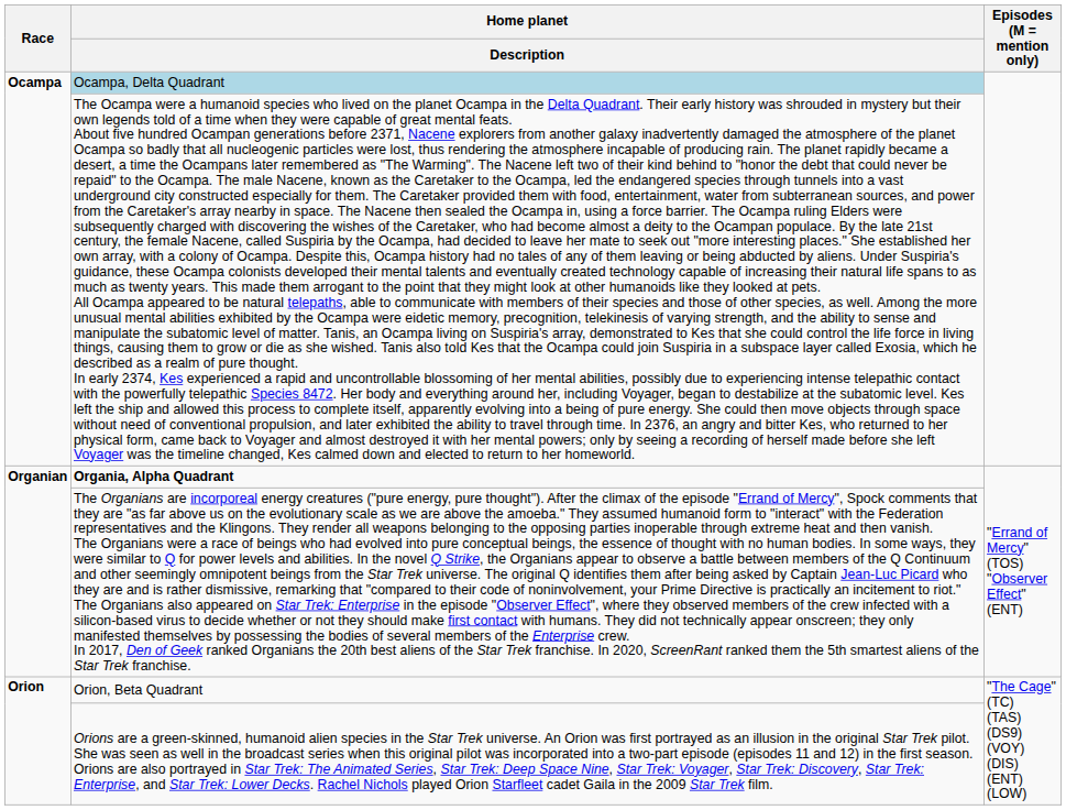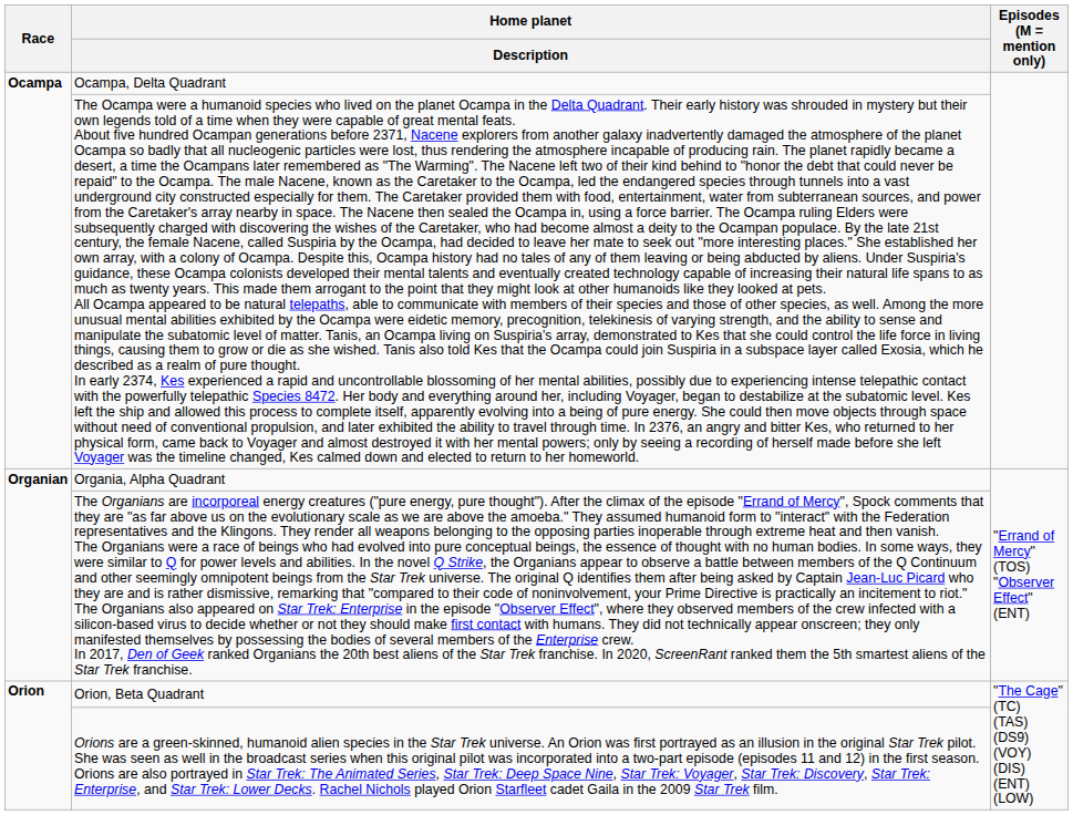 <table class="wikitable">
 <tr>
 <th rowspan="2">Race</th>
 <th>Home planet</th>
 <th rowspan="2">Episodes (M = mention only)</th>
 </tr>
 <tr>
 <th>Description</th>
 </tr>
 <tr>
 <td rowspan="2" style="vertical-align: top;"><strong>Ocampa</strong> </td>
-<td style="background: lightblue;">Ocampa, Delta Quadrant</td>
+<td>Ocampa, Delta Quadrant</td>
 <td rowspan="2"></td>
 </tr>
 <tr>
 <td>The Ocampa were a humanoid species who lived on the planet Ocampa in the <a href='#'>Delta Quadrant</a>. Their early history was shrouded in mystery but their own legends told of a time when they were capable of great mental feats.<br>About five hundred Ocampan generations before 2371, <a href='#'>Nacene</a> explorers from another galaxy inadvertently damaged the atmosphere of the planet Ocampa so badly that all nucleogenic particles were lost, thus rendering the atmosphere incapable of producing rain. The planet rapidly became a desert, a time the Ocampans later remembered as "The Warming". The Nacene left two of their kind behind to "honor the debt that could never be repaid" to the Ocampa. The male Nacene, known as the Caretaker to the Ocampa, led the endangered species through tunnels into a vast underground city constructed especially for them. The Caretaker provided them with food, entertainment, water from subterranean sources, and power from the Caretaker's array nearby in space. The Nacene then sealed the Ocampa in, using a force barrier. The Ocampa ruling Elders were subsequently charged with discovering the wishes of the Caretaker, who had become almost a deity to the Ocampan populace. By the late 21st century, the female Nacene, called Suspiria by the Ocampa, had decided to leave her mate to seek out "more interesting places." She established her own array, with a colony of Ocampa. Despite this, Ocampa history had no tales of any of them leaving or being abducted by aliens. Under Suspiria's guidance, these Ocampa colonists developed their mental talents and eventually created technology capable of increasing their natural life spans to as much as twenty years. This made them arrogant to the point that they might look at other humanoids like they looked at pets.<br>All Ocampa appeared to be natural <a href='#'>telepaths</a>, able to communicate with members of their species and those of other species, as well. Among the more unusual mental abilities exhibited by the Ocampa were eidetic memory, precognition, telekinesis of varying strength, and the ability to sense and manipulate the subatomic level of matter. Tanis, an Ocampa living on Suspiria's array, demonstrated to Kes that she could control the life force in living things, causing them to grow or die as she wished. Tanis also told Kes that the Ocampa could join Suspiria in a subspace layer called Exosia, which he described as a realm of pure thought.<br>In early 2374, <a href='#'>Kes</a> experienced a rapid and uncontrollable blossoming of her mental abilities, possibly due to experiencing intense telepathic contact with the powerfully telepathic <a href='#'>Species 8472</a>. Her body and everything around her, including Voyager, began to destabilize at the subatomic level. Kes left the ship and allowed this process to complete itself, apparently evolving into a being of pure energy. She could then move objects through space without need of conventional propulsion, and later exhibited the ability to travel through time. In 2376, an angry and bitter Kes, who returned to her physical form, came back to Voyager and almost destroyed it with her mental powers; only by seeing a recording of herself made before she left <a href='#'>Voyager</a> was the timeline changed, Kes calmed down and elected to return to her homeworld.</td>
 </tr>
 <tr>
 <td rowspan="2" style="vertical-align: top;"><strong>Organian</strong> </td>
-<td><strong>Organia, Alpha Quadrant</strong></td>
+<td>Organia, Alpha Quadrant</td>
 <td rowspan="2">"<a href='#'>Errand of Mercy</a>" (TOS)<br>"<a href='#'>Observer Effect</a>" (ENT)</td>
 </tr>
 <tr>
 <td>The <em>Organians</em> are <a href='#'>incorporeal</a> energy creatures ("pure energy, pure thought"). After the climax of the episode "<a href='#'>Errand of Mercy</a>", Spock comments that they are "as far above us on the evolutionary scale as we are above the amoeba."  They assumed humanoid form to "interact" with the Federation representatives and the Klingons. They render all weapons belonging to the opposing parties inoperable through extreme heat and then vanish.<br>The Organians were a race of beings who had evolved into pure conceptual beings, the essence of thought with no human bodies. In some ways, they were similar to <a href='#'>Q</a> for power levels and abilities. In the novel <em><a href='#'>Q Strike</a></em>, the Organians appear to observe a battle between members of the Q Continuum and other seemingly omnipotent beings from the <em>Star Trek</em> universe. The original Q identifies them after being asked by Captain <a href='#'>Jean-Luc Picard</a> who they are and is rather dismissive, remarking that "compared to their code of noninvolvement, your Prime Directive is practically an incitement to riot."<br>The Organians also appeared on <em><a href='#'>Star Trek: Enterprise</a></em> in the episode "<a href='#'>Observer Effect</a>", where they observed members of the crew infected with a silicon-based virus to decide whether or not they should make <a href='#'>first contact</a> with humans. They did not technically appear onscreen; they only manifested themselves by possessing the bodies of several members of the <em><a href='#'>Enterprise</a></em> crew.<br>In 2017, <em><a href='#'>Den of Geek</a></em> ranked Organians the 20th best aliens of the <em>Star Trek</em> franchise. In 2020, <em>ScreenRant</em> ranked them the 5th smartest aliens of the <em>Star Trek</em> franchise.</td>
 </tr>
 <tr>
 <td rowspan="2" style="vertical-align: top;"><strong>Orion</strong> </td>
 <td>Orion, Beta Quadrant</td>
 <td rowspan="2">"<a href='#'>The Cage</a>"(TC)<br>(TAS)<br>(DS9)<br>(VOY)<br>(DIS)<br>(ENT)<br>(LOW)</td>
 </tr>
 <tr>
 <td><br><em>Orions</em> are a green-skinned, humanoid alien species in the <em>Star Trek</em> universe.  An Orion was first portrayed as an illusion in the original <em>Star Trek</em> pilot. She was seen as well in the broadcast series when this original pilot was incorporated into a two-part episode (episodes 11 and 12) in the first season.  Orions are also portrayed in <em><a href='#'>Star Trek: The Animated Series</a></em>, <em><a href='#'>Star Trek: Deep Space Nine</a></em>, <em><a href='#'>Star Trek: Voyager</a></em>, <em><a href='#'>Star Trek: Discovery</a></em>, <em><a href='#'>Star Trek: Enterprise</a></em>, and  <em><a href='#'>Star Trek: Lower Decks</a></em>. <a href='#'>Rachel Nichols</a> played Orion <a href='#'>Starfleet</a> cadet Gaila in the 2009 <em><a href='#'>Star Trek</a></em> film.</td>
 </tr>
 </table>
